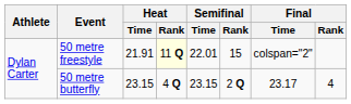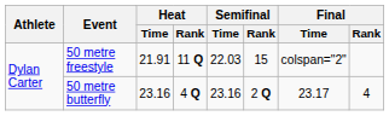 <table class="wikitable" style="text-align:center; font-size:90%; width:50%;">
 <tr>
 <th rowspan="2">Athlete</th>
 <th rowspan="2">Event</th>
 <th colspan="2">Heat</th>
 <th colspan="2">Semifinal</th>
 <th colspan="2">Final</th>
 </tr>
 <tr style="font-size:95%">
 <th>Time</th>
 <th>Rank</th>
 <th>Time</th>
 <th>Rank</th>
 <th>Time</th>
 <th>Rank</th>
 </tr>
 <tr align=center>
 <td align=left rowspan="2"><a href='#'>Dylan Carter</a></td>
 <td align=left><a href='#'>50 metre freestyle</a></td>
 <td>21.91</td>
-<td style="background: lightyellow;">11 <strong>Q</strong></td>
-<td>22.01</td>
+<td>11 <strong>Q</strong></td>
+<td>22.03</td>
 <td>15</td>
 <td>colspan="2" </td>
 </tr>
 <tr align=center>
 <td align=left><a href='#'>50 metre butterfly</a></td>
-<td>23.15</td>
+<td>23.16</td>
 <td>4 <strong>Q</strong></td>
-<td>23.15</td>
+<td>23.16</td>
 <td>2 <strong>Q</strong></td>
 <td>23.17</td>
 <td>4</td>
 </tr>
 </table>
